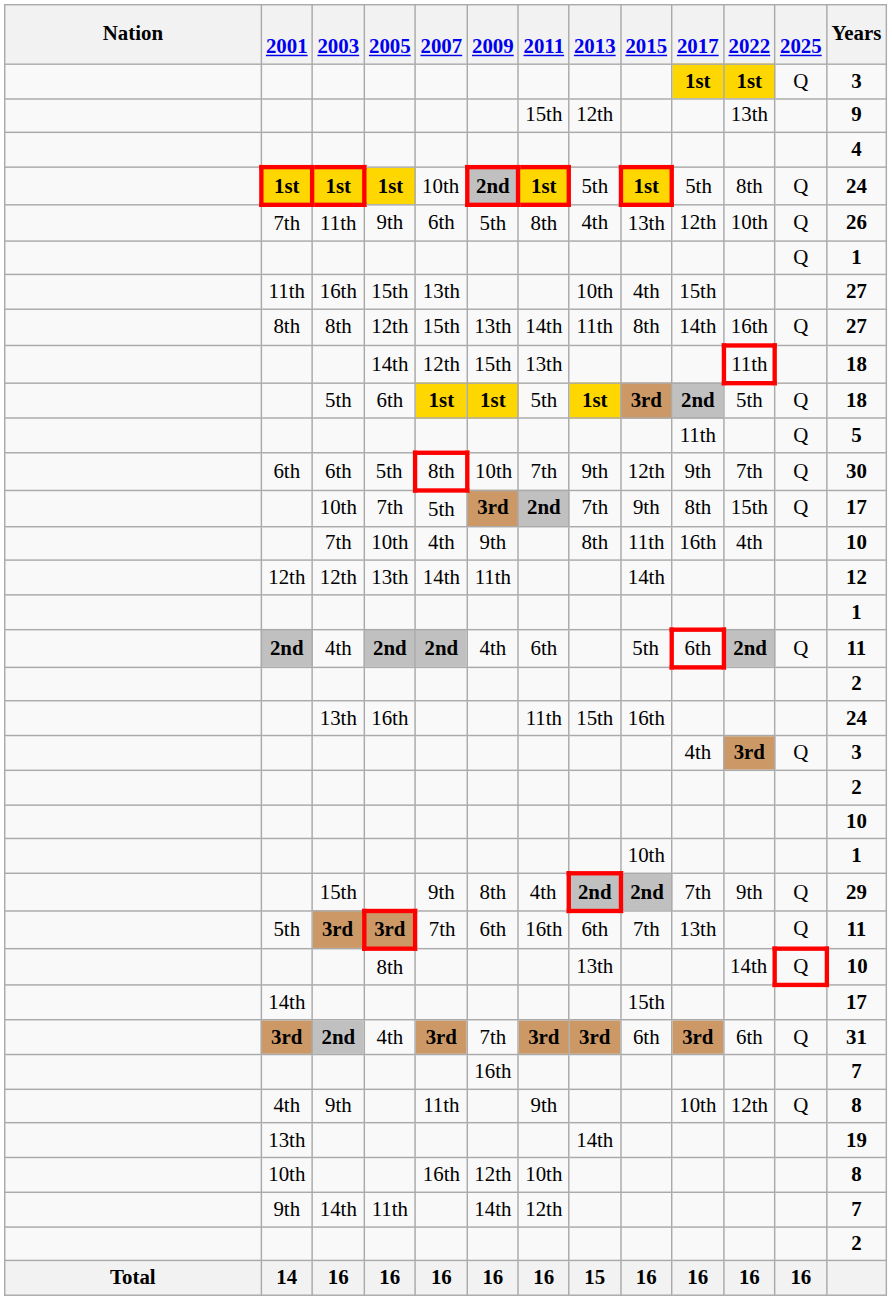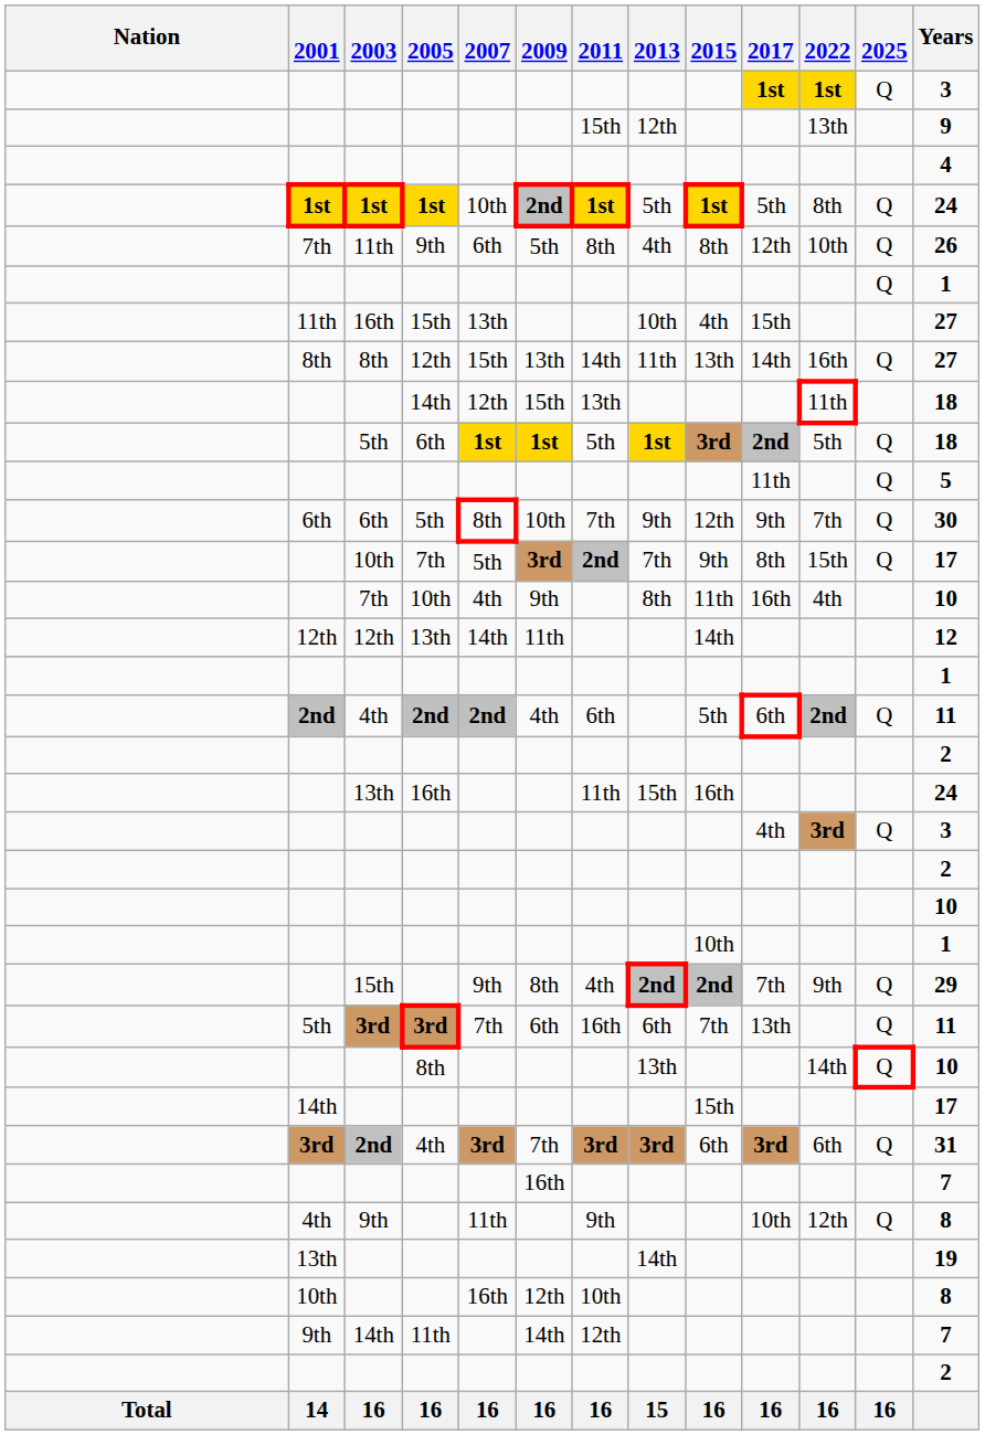 <table class="wikitable" style="text-align:center; font-size:90%">
 <tr>
 <th width=170>Nation</th>
 <th><br><a href='#'>2001</a></th>
 <th><br><a href='#'>2003</a></th>
 <th><br><a href='#'>2005</a></th>
 <th><br><a href='#'>2007</a></th>
 <th><br><a href='#'>2009</a></th>
 <th><br><a href='#'>2011</a></th>
 <th><br><a href='#'>2013</a></th>
 <th><br><a href='#'>2015</a></th>
 <th><br><a href='#'>2017</a></th>
 <th><br><a href='#'>2022</a></th>
 <th><br><a href='#'>2025</a></th>
 <th>Years</th>
 </tr>
 <tr>
 <td align=left></td>
 <td></td>
 <td></td>
 <td></td>
 <td></td>
 <td></td>
 <td></td>
 <td></td>
 <td></td>
 <td bgcolor=gold><strong>1st</strong></td>
 <td bgcolor=gold><strong>1st</strong></td>
 <td>Q</td>
 <td><strong>3</strong></td>
 </tr>
 <tr>
 <td align=left></td>
 <td></td>
 <td></td>
 <td></td>
 <td></td>
 <td></td>
 <td>15th</td>
 <td>12th</td>
 <td></td>
 <td></td>
 <td>13th</td>
 <td></td>
 <td><strong>9</strong></td>
 </tr>
 <tr>
 <td align=left></td>
 <td></td>
 <td></td>
 <td></td>
 <td></td>
 <td></td>
 <td></td>
 <td></td>
 <td></td>
 <td></td>
 <td></td>
 <td></td>
 <td><strong>4</strong></td>
 </tr>
 <tr>
 <td align=left></td>
 <td style="border: 3px solid red" bgcolor=gold><strong>1st</strong></td>
 <td style="border: 3px solid red" bgcolor=gold><strong>1st</strong></td>
 <td bgcolor=gold><strong>1st</strong></td>
 <td>10th</td>
 <td style="border: 3px solid red" bgcolor=silver><strong>2nd</strong></td>
 <td style="border: 3px solid red" bgcolor=gold><strong>1st</strong></td>
 <td>5th</td>
 <td style="border: 3px solid red" bgcolor=gold><strong>1st</strong></td>
 <td>5th</td>
 <td>8th</td>
 <td>Q</td>
 <td><strong>24</strong></td>
 </tr>
 <tr>
 <td align=left></td>
 <td>7th</td>
 <td>11th</td>
 <td>9th</td>
 <td>6th</td>
 <td>5th</td>
 <td>8th</td>
 <td>4th</td>
-<td>13th</td>
+<td>8th</td>
 <td>12th</td>
 <td>10th</td>
 <td>Q</td>
 <td><strong>26</strong></td>
 </tr>
 <tr>
 <td align=left></td>
 <td></td>
 <td></td>
 <td></td>
 <td></td>
 <td></td>
 <td></td>
 <td></td>
 <td></td>
 <td></td>
 <td></td>
 <td>Q</td>
 <td><strong>1</strong></td>
 </tr>
 <tr>
 <td align=left></td>
 <td>11th</td>
 <td>16th</td>
 <td>15th</td>
 <td>13th</td>
 <td></td>
 <td></td>
 <td>10th</td>
 <td>4th</td>
 <td>15th</td>
 <td></td>
 <td></td>
 <td><strong>27</strong></td>
 </tr>
 <tr>
 <td align=left></td>
 <td>8th</td>
 <td>8th</td>
 <td>12th</td>
 <td>15th</td>
 <td>13th</td>
 <td>14th</td>
 <td>11th</td>
-<td>8th</td>
+<td>13th</td>
 <td>14th</td>
 <td>16th</td>
 <td>Q</td>
 <td><strong>27</strong></td>
 </tr>
 <tr>
 <td align=left></td>
 <td></td>
 <td></td>
 <td>14th</td>
 <td>12th</td>
 <td>15th</td>
 <td>13th</td>
 <td></td>
 <td></td>
 <td></td>
 <td style="border: 3px solid red">11th</td>
 <td></td>
 <td><strong>18</strong></td>
 </tr>
 <tr>
 <td align=left></td>
 <td></td>
 <td>5th</td>
 <td>6th</td>
 <td bgcolor=gold><strong>1st</strong></td>
 <td bgcolor=gold><strong>1st</strong></td>
 <td>5th</td>
 <td bgcolor=gold><strong>1st</strong></td>
 <td bgcolor=#cc9966><strong>3rd</strong></td>
 <td bgcolor=silver><strong>2nd</strong></td>
 <td>5th</td>
 <td>Q</td>
 <td><strong>18</strong></td>
 </tr>
 <tr>
 <td align=left></td>
 <td></td>
 <td></td>
 <td></td>
 <td></td>
 <td></td>
 <td></td>
 <td></td>
 <td></td>
 <td>11th</td>
 <td></td>
 <td>Q</td>
 <td><strong>5</strong></td>
 </tr>
 <tr>
 <td align=left></td>
 <td>6th</td>
 <td>6th</td>
 <td>5th</td>
 <td style="border: 3px solid red">8th</td>
 <td>10th</td>
 <td>7th</td>
 <td>9th</td>
 <td>12th</td>
 <td>9th</td>
 <td>7th</td>
 <td>Q</td>
 <td><strong>30</strong></td>
 </tr>
 <tr>
 <td align=left></td>
 <td></td>
 <td>10th</td>
 <td>7th</td>
 <td>5th</td>
 <td bgcolor=#cc9966><strong>3rd</strong></td>
 <td bgcolor=silver><strong>2nd</strong></td>
 <td>7th</td>
 <td>9th</td>
 <td>8th</td>
 <td>15th</td>
 <td>Q</td>
 <td><strong>17</strong></td>
 </tr>
 <tr>
 <td align=left></td>
 <td></td>
 <td>7th</td>
 <td>10th</td>
 <td>4th</td>
 <td>9th</td>
 <td></td>
 <td>8th</td>
 <td>11th</td>
 <td>16th</td>
 <td>4th</td>
 <td></td>
 <td><strong>10</strong></td>
 </tr>
 <tr>
 <td align=left></td>
 <td>12th</td>
 <td>12th</td>
 <td>13th</td>
 <td>14th</td>
 <td>11th</td>
 <td></td>
 <td></td>
 <td>14th</td>
 <td></td>
 <td></td>
 <td></td>
 <td><strong>12</strong></td>
 </tr>
 <tr>
 <td align=left></td>
 <td></td>
 <td></td>
 <td></td>
 <td></td>
 <td></td>
 <td></td>
 <td></td>
 <td></td>
 <td></td>
 <td></td>
 <td></td>
 <td><strong>1</strong></td>
 </tr>
 <tr>
 <td align=left></td>
 <td bgcolor=silver><strong>2nd</strong></td>
 <td>4th</td>
 <td bgcolor=silver><strong>2nd</strong></td>
 <td bgcolor=silver><strong>2nd</strong></td>
 <td>4th</td>
 <td>6th</td>
 <td></td>
 <td>5th</td>
 <td style="border: 3px solid red">6th</td>
 <td bgcolor=silver><strong>2nd</strong></td>
 <td>Q</td>
 <td><strong>11</strong></td>
 </tr>
 <tr>
 <td align=left></td>
 <td></td>
 <td></td>
 <td></td>
 <td></td>
 <td></td>
 <td></td>
 <td></td>
 <td></td>
 <td></td>
 <td></td>
 <td></td>
 <td><strong>2</strong></td>
 </tr>
 <tr>
 <td align=left></td>
 <td></td>
 <td>13th</td>
 <td>16th</td>
 <td></td>
 <td></td>
 <td>11th</td>
 <td>15th</td>
 <td>16th</td>
 <td></td>
 <td></td>
 <td></td>
 <td><strong>24</strong></td>
 </tr>
 <tr>
 <td align=left></td>
 <td></td>
 <td></td>
 <td></td>
 <td></td>
 <td></td>
 <td></td>
 <td></td>
 <td></td>
 <td>4th</td>
 <td bgcolor=#cc9966><strong>3rd</strong></td>
 <td>Q</td>
 <td><strong>3</strong></td>
 </tr>
 <tr>
 <td align=left></td>
 <td></td>
 <td></td>
 <td></td>
 <td></td>
 <td></td>
 <td></td>
 <td></td>
 <td></td>
 <td></td>
 <td></td>
 <td></td>
 <td><strong>2</strong></td>
 </tr>
 <tr>
 <td align=left></td>
 <td></td>
 <td></td>
 <td></td>
 <td></td>
 <td></td>
 <td></td>
 <td></td>
 <td></td>
 <td></td>
 <td></td>
 <td></td>
 <td><strong>10</strong></td>
 </tr>
 <tr>
 <td align=left></td>
 <td></td>
 <td></td>
 <td></td>
 <td></td>
 <td></td>
 <td></td>
 <td></td>
 <td>10th</td>
 <td></td>
 <td></td>
 <td></td>
 <td><strong>1</strong></td>
 </tr>
 <tr>
 <td align=left></td>
 <td></td>
 <td>15th</td>
 <td></td>
 <td>9th</td>
 <td>8th</td>
 <td>4th</td>
 <td style="border: 3px solid red" bgcolor=silver><strong>2nd</strong></td>
 <td bgcolor=silver><strong>2nd</strong></td>
 <td>7th</td>
 <td>9th</td>
 <td>Q</td>
 <td><strong>29</strong></td>
 </tr>
 <tr>
 <td align=left></td>
 <td>5th</td>
 <td bgcolor=#cc9966><strong>3rd</strong></td>
 <td style="border: 3px solid red" bgcolor=#cc9966><strong>3rd</strong></td>
 <td>7th</td>
 <td>6th</td>
 <td>16th</td>
 <td>6th</td>
 <td>7th</td>
 <td>13th</td>
 <td></td>
 <td>Q</td>
 <td><strong>11</strong></td>
 </tr>
 <tr>
 <td align=left></td>
 <td></td>
 <td></td>
 <td>8th</td>
 <td></td>
 <td></td>
 <td></td>
 <td>13th</td>
 <td></td>
 <td></td>
 <td>14th</td>
 <td style="border: 3px solid red">Q</td>
 <td><strong>10</strong></td>
 </tr>
 <tr>
 <td align=left></td>
 <td>14th</td>
 <td></td>
 <td></td>
 <td></td>
 <td></td>
 <td></td>
 <td></td>
 <td>15th</td>
 <td></td>
 <td></td>
 <td></td>
 <td><strong>17</strong></td>
 </tr>
 <tr>
 <td align=left></td>
 <td bgcolor=#cc9966><strong>3rd</strong></td>
 <td bgcolor=silver><strong>2nd</strong></td>
 <td>4th</td>
 <td bgcolor=#cc9966><strong>3rd</strong></td>
 <td>7th</td>
 <td bgcolor=#cc9966><strong>3rd</strong></td>
 <td bgcolor=#cc9966><strong>3rd</strong></td>
 <td>6th</td>
 <td bgcolor=#cc9966><strong>3rd</strong></td>
 <td>6th</td>
 <td>Q</td>
 <td><strong>31</strong></td>
 </tr>
 <tr>
 <td align=left></td>
 <td></td>
 <td></td>
 <td></td>
 <td></td>
 <td>16th</td>
 <td></td>
 <td></td>
 <td></td>
 <td></td>
 <td></td>
 <td></td>
 <td><strong>7</strong></td>
 </tr>
 <tr>
 <td align=left></td>
 <td>4th</td>
 <td>9th</td>
 <td></td>
 <td>11th</td>
 <td></td>
 <td>9th</td>
 <td></td>
 <td></td>
 <td>10th</td>
 <td>12th</td>
 <td>Q</td>
 <td><strong>8</strong></td>
 </tr>
 <tr>
 <td align=left></td>
 <td>13th</td>
 <td></td>
 <td></td>
 <td></td>
 <td></td>
 <td></td>
 <td>14th</td>
 <td></td>
 <td></td>
 <td></td>
 <td></td>
 <td><strong>19</strong></td>
 </tr>
 <tr>
 <td align=left></td>
 <td>10th</td>
 <td></td>
 <td></td>
 <td>16th</td>
 <td>12th</td>
 <td>10th</td>
 <td></td>
 <td></td>
 <td></td>
 <td></td>
 <td></td>
 <td><strong>8</strong></td>
 </tr>
 <tr>
 <td align=left></td>
 <td>9th</td>
 <td>14th</td>
 <td>11th</td>
 <td></td>
 <td>14th</td>
 <td>12th</td>
 <td></td>
 <td></td>
 <td></td>
 <td></td>
 <td></td>
 <td><strong>7</strong></td>
 </tr>
 <tr>
 <td align=left></td>
 <td></td>
 <td></td>
 <td></td>
 <td></td>
 <td></td>
 <td></td>
 <td></td>
 <td></td>
 <td></td>
 <td></td>
 <td></td>
 <td><strong>2</strong></td>
 </tr>
 <tr>
 <th>Total</th>
 <th>14</th>
 <th>16</th>
 <th>16</th>
 <th>16</th>
 <th>16</th>
 <th>16</th>
 <th>15</th>
 <th>16</th>
 <th>16</th>
 <th>16</th>
 <th>16</th>
 <th></th>
 </tr>
 </table>
